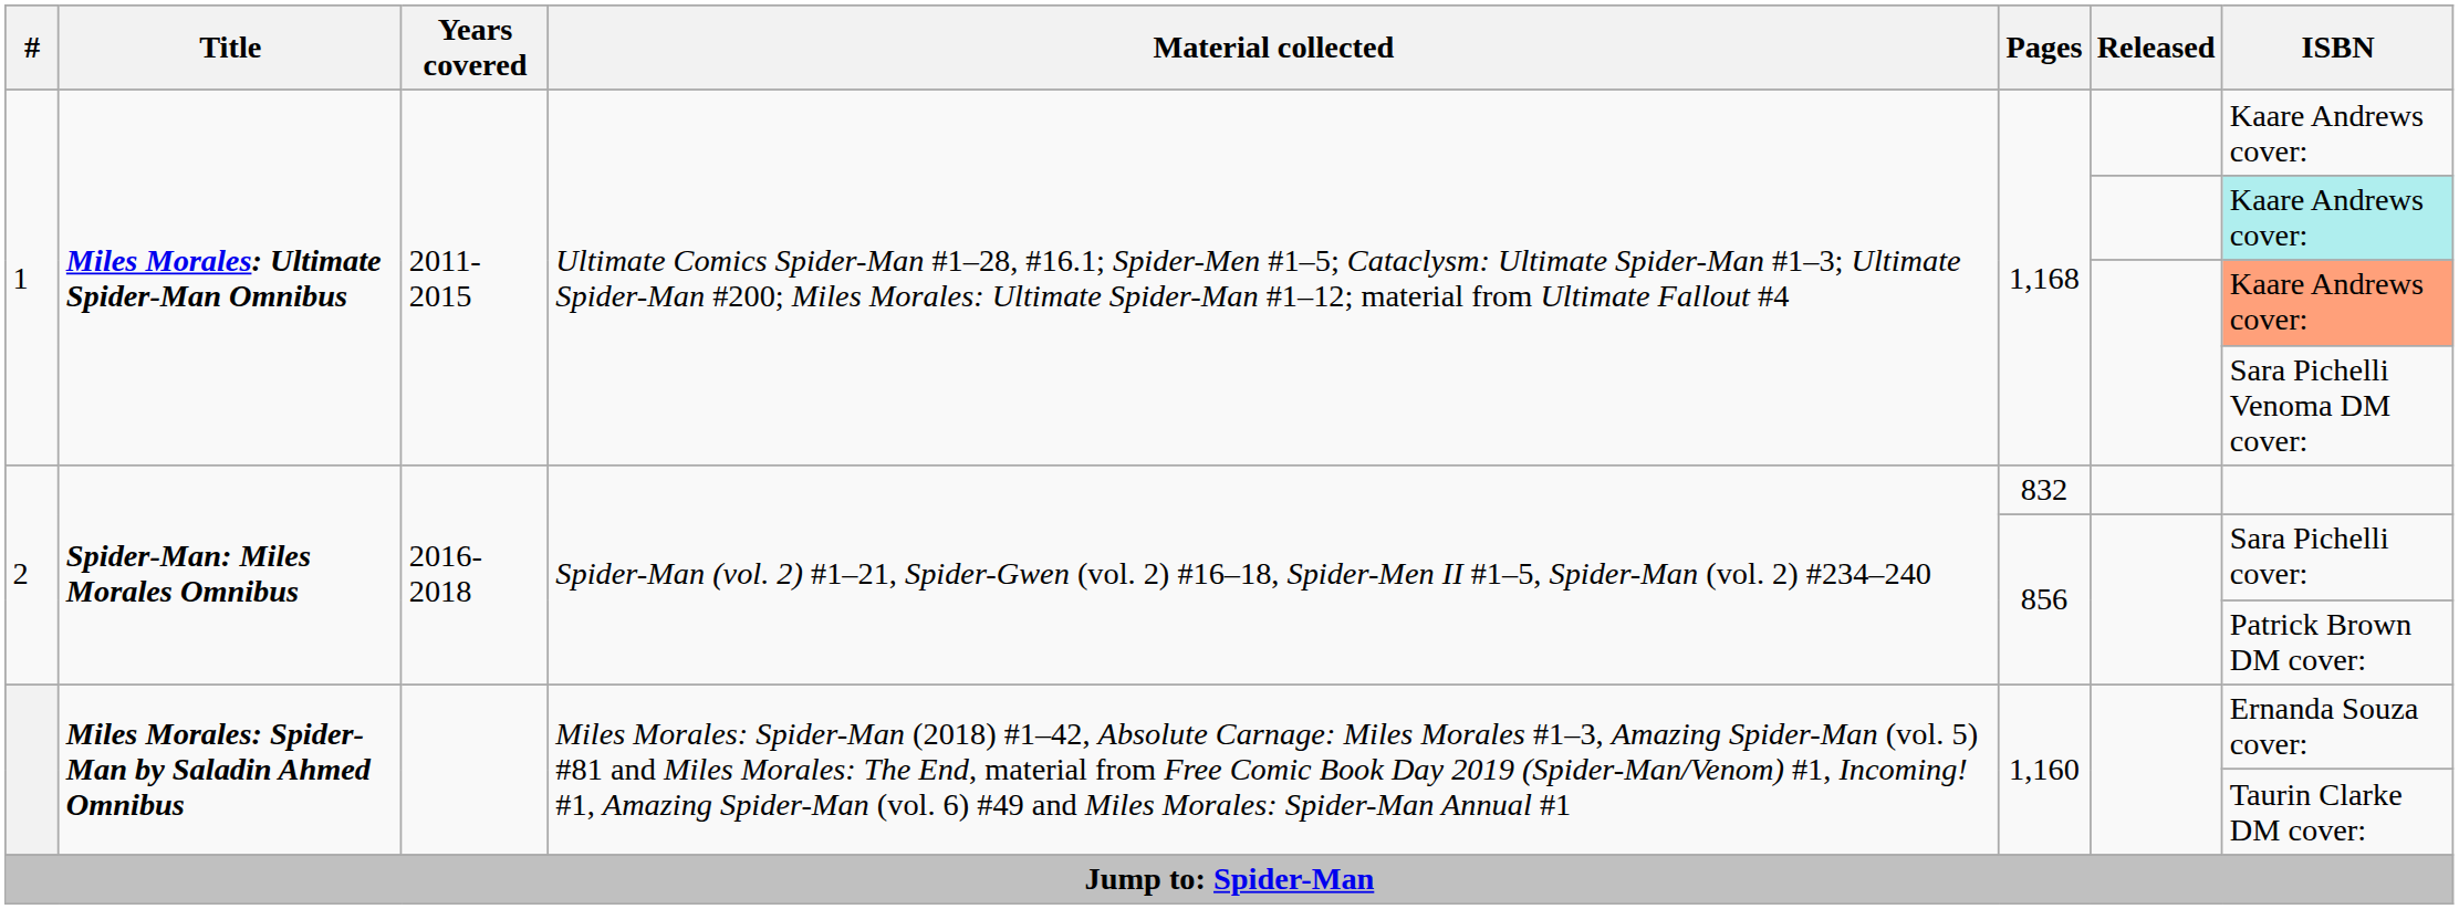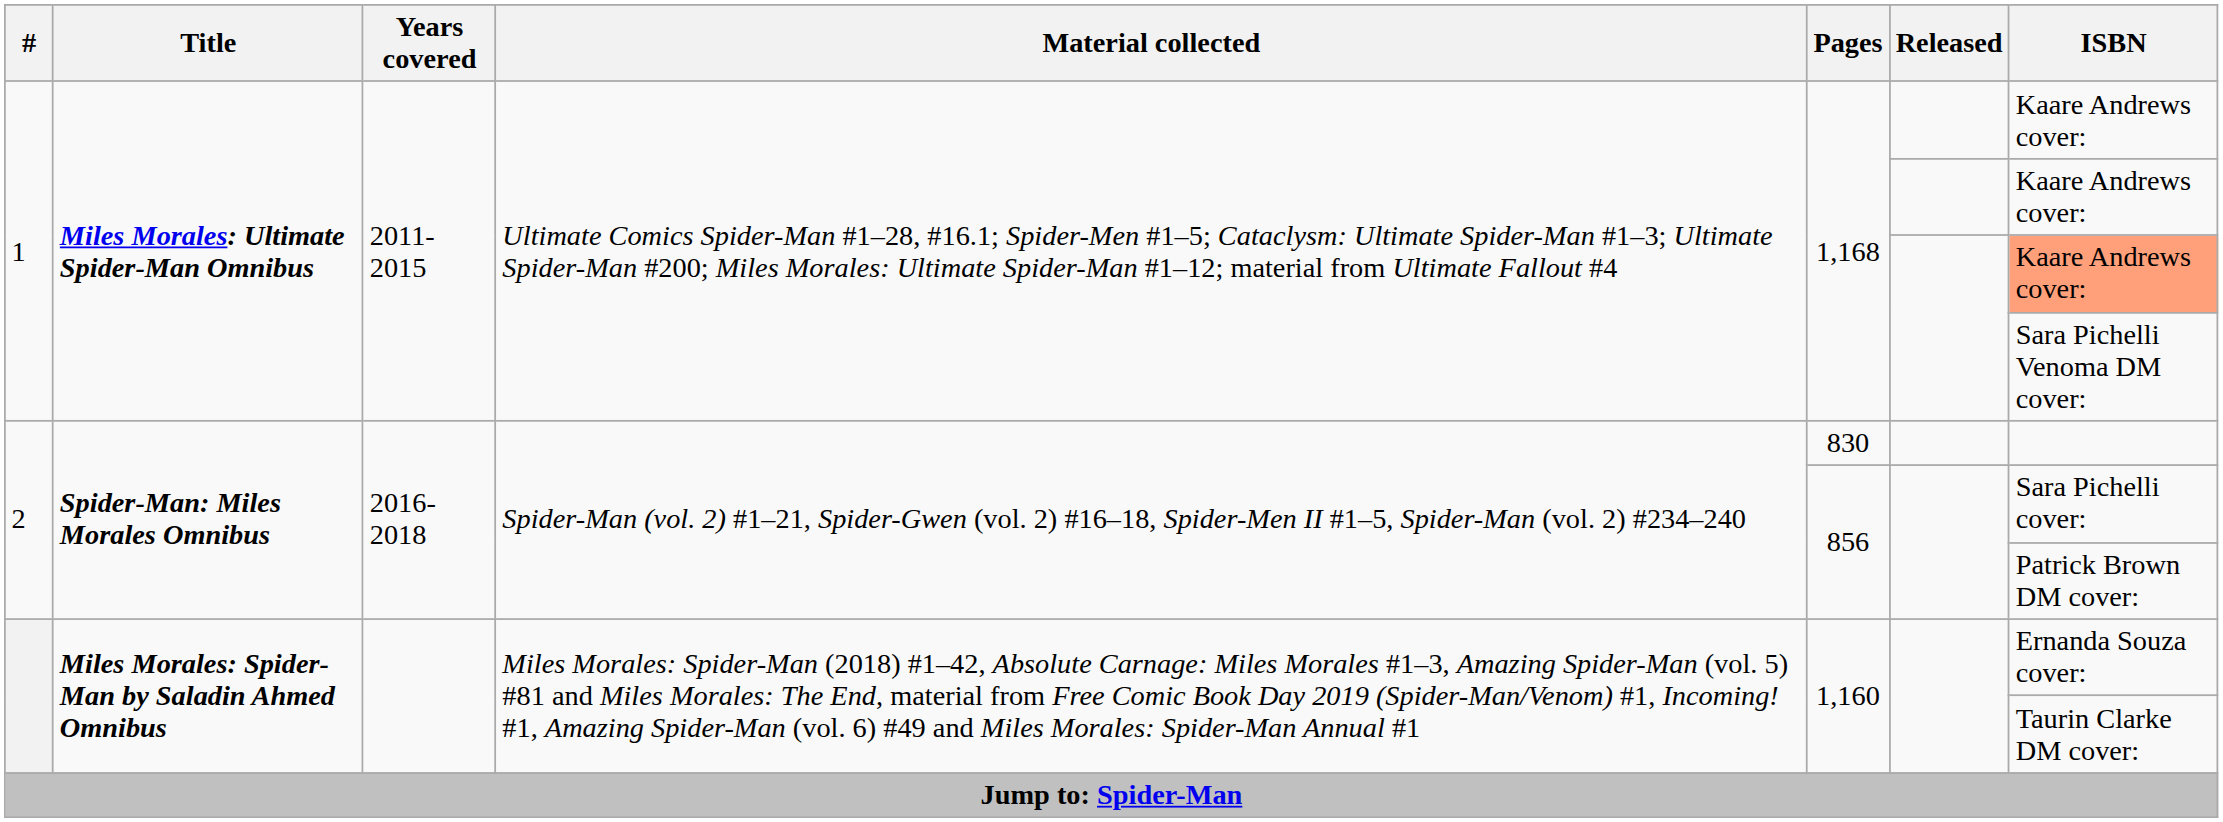 <table class="wikitable sortable" width="99%">
 <tr>
 <th class="unsortable" width="20px">#</th>
 <th>Title</th>
 <th>Years covered</th>
 <th class="unsortable">Material collected</th>
 <th>Pages</th>
 <th>Released</th>
 <th class="unsortable">ISBN</th>
 </tr>
 <tr>
 <td rowspan="4">1</td>
 <td rowspan="4"><strong><em><a href='#'>Miles Morales</a>: Ultimate Spider-Man Omnibus</em></strong></td>
 <td rowspan="4">2011-2015</td>
 <td rowspan="4"><em>Ultimate Comics Spider-Man</em> #1–28, #16.1; <em>Spider-Men</em> #1–5; <em>Cataclysm: Ultimate Spider-Man</em> #1–3; <em>Ultimate Spider-Man</em> #200; <em>Miles Morales: Ultimate Spider-Man</em> #1–12; material from <em>Ultimate Fallout</em> #4</td>
 <td rowspan="4" style="text-align: center;">1,168</td>
 <td></td>
 <td>Kaare Andrews cover: </td>
 </tr>
 <tr>
 <td></td>
-<td style="background: paleturquoise;">Kaare Andrews cover: </td>
+<td>Kaare Andrews cover: </td>
 </tr>
 <tr>
 <td rowspan="2"></td>
 <td style="background: lightsalmon;">Kaare Andrews cover: </td>
 </tr>
 <tr>
 <td>Sara Pichelli Venoma DM cover: </td>
 </tr>
 <tr>
 <td rowspan="3">2</td>
 <td rowspan="3"><strong><em>Spider-Man: Miles Morales Omnibus</em></strong></td>
 <td rowspan="3">2016-2018</td>
 <td rowspan="3"><em>Spider-Man (vol. 2)</em> #1–21, <em>Spider-Gwen</em> (vol. 2) #16–18, <em>Spider-Men II</em> #1–5, <em>Spider-Man</em> (vol. 2) #234–240</td>
-<td style="text-align: center;">832</td>
+<td style="text-align: center;">830</td>
 <td></td>
 <td></td>
 </tr>
 <tr>
 <td rowspan="2" style="text-align: center;">856</td>
 <td rowspan="2"></td>
 <td>Sara Pichelli cover: </td>
 </tr>
 <tr>
 <td>Patrick Brown DM cover: </td>
 </tr>
 <tr>
 <th rowspan="2"></th>
 <td rowspan="2"><strong><em>Miles Morales: Spider-Man by Saladin Ahmed Omnibus</em></strong></td>
 <td rowspan="2"></td>
 <td rowspan="2"><em>Miles Morales: Spider-Man</em> (2018) #1–42, <em>Absolute Carnage: Miles Morales</em> #1–3, <em>Amazing Spider-Man</em> (vol. 5) #81 and <em>Miles Morales: The End</em>, material from <em>Free Comic Book Day 2019 (Spider-Man/Venom)</em> #1, <em>Incoming!</em> #1, <em>Amazing Spider-Man</em> (vol. 6) #49 and <em>Miles Morales: Spider-Man Annual</em> #1</td>
 <td rowspan="2" style="text-align: center;">1,160</td>
 <td rowspan="2"></td>
 <td>Ernanda Souza cover: </td>
 </tr>
 <tr>
 <td>Taurin Clarke DM cover: </td>
 </tr>
 <tr>
 <th colspan="7" style="background-color: silver;">Jump to: <a href='#'>Spider-Man</a></th>
 </tr>
 </table>
